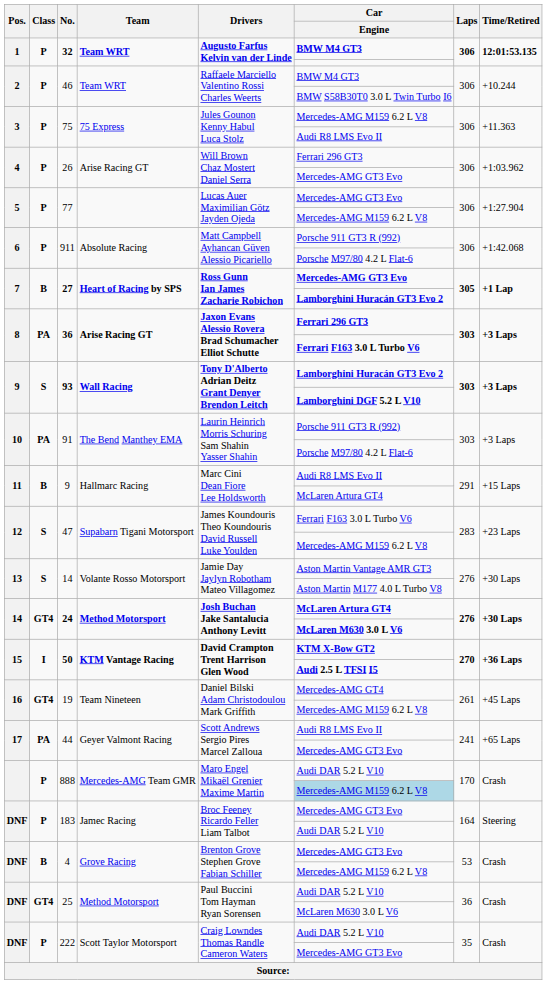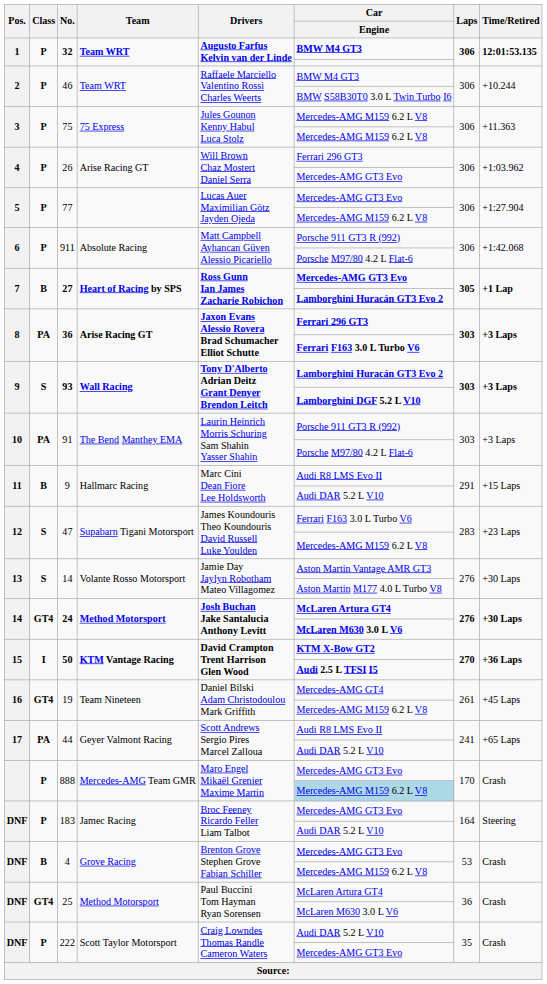 <table class="wikitable" style="font-size: 90%;">
 <tr>
 <th rowspan="2">Pos.</th>
 <th rowspan="2">Class</th>
 <th rowspan="2">No.</th>
 <th rowspan="2">Team</th>
 <th rowspan="2">Drivers</th>
 <th>Car</th>
 <th rowspan="2">Laps</th>
 <th rowspan="2">Time/Retired</th>
 </tr>
 <tr>
 <th>Engine</th>
 </tr>
 <tr>
 <th rowspan="2">1</th>
 <td rowspan="2" align="center"><strong><span>P</span></strong></td>
 <td rowspan="2" align="center"><strong>32</strong></td>
 <td rowspan="2"><strong> <a href='#'>Team WRT</a></strong></td>
 <td rowspan="2"><strong> <a href='#'>Augusto Farfus</a><br> <a href='#'>Kelvin van der Linde</a><br></strong></td>
 <td><strong><a href='#'>BMW M4 GT3</a></strong></td>
 <td rowspan="2" align="center"><strong>306</strong></td>
 <td rowspan="2"><strong>12:01:53.135</strong></td>
 </tr>
 <tr>
 <td><strong></strong></td>
 </tr>
 <tr>
 <th rowspan="2">2</th>
 <td rowspan="2" align="center"><strong><span>P</span></strong></td>
 <td rowspan="2" align="center">46</td>
 <td rowspan="2"> <a href='#'>Team WRT</a></td>
 <td rowspan="2"> <a href='#'>Raffaele Marciello</a><br> <a href='#'>Valentino Rossi</a><br> <a href='#'>Charles Weerts</a></td>
 <td><a href='#'>BMW M4 GT3</a></td>
 <td rowspan="2" align="center">306</td>
 <td rowspan="2">+10.244</td>
 </tr>
 <tr>
 <td><a href='#'>BMW</a> <a href='#'>S58B30T0</a> 3.0 L <a href='#'>Twin Turbo</a> <a href='#'>I6</a></td>
 </tr>
 <tr>
 <th rowspan="2">3</th>
 <td rowspan="2" align="center"><strong><span>P</span></strong></td>
 <td rowspan="2" align="center">75</td>
 <td rowspan="2"> <a href='#'>75 Express</a></td>
 <td rowspan="2"> <a href='#'>Jules Gounon</a><br> <a href='#'>Kenny Habul</a><br> <a href='#'>Luca Stolz</a></td>
 <td><a href='#'>Mercedes-AMG M159</a> 6.2 L <a href='#'>V8</a></td>
 <td rowspan="2" align="center">306</td>
 <td rowspan="2">+11.363</td>
 </tr>
 <tr>
-<td><a href='#'>Audi R8 LMS Evo II</a></td>
+<td><a href='#'>Mercedes-AMG M159</a> 6.2 L <a href='#'>V8</a></td>
 </tr>
 <tr>
 <th rowspan="2">4</th>
 <td rowspan="2" align="center"><strong><span>P</span></strong></td>
 <td rowspan="2" align="center">26</td>
 <td rowspan="2"> Arise Racing GT</td>
 <td rowspan="2"> <a href='#'>Will Brown</a><br> <a href='#'>Chaz Mostert</a><br> <a href='#'>Daniel Serra</a></td>
 <td><a href='#'>Ferrari 296 GT3</a></td>
 <td rowspan="2" align="center">306</td>
 <td rowspan="2">+1:03.962</td>
 </tr>
 <tr>
 <td><a href='#'>Mercedes-AMG GT3 Evo</a></td>
 </tr>
 <tr>
 <th rowspan="2">5</th>
 <td rowspan="2" align="center"><strong><span>P</span></strong></td>
 <td rowspan="2" align="center">77</td>
 <td rowspan="2"></td>
 <td rowspan="2"> <a href='#'>Lucas Auer</a><br> <a href='#'>Maximilian Götz</a><br> <a href='#'>Jayden Ojeda</a></td>
 <td><a href='#'>Mercedes-AMG GT3 Evo</a></td>
 <td rowspan="2" align="center">306</td>
 <td rowspan="2">+1:27.904</td>
 </tr>
 <tr>
 <td><a href='#'>Mercedes-AMG M159</a> 6.2 L <a href='#'>V8</a></td>
 </tr>
 <tr>
 <th rowspan="2">6</th>
 <td rowspan="2" align="center"><strong><span>P</span></strong></td>
 <td rowspan="2" align="center">911</td>
 <td rowspan="2"> Absolute Racing</td>
 <td rowspan="2"> <a href='#'>Matt Campbell</a><br> <a href='#'>Ayhancan Güven</a><br> <a href='#'>Alessio Picariello</a></td>
 <td><a href='#'>Porsche 911 GT3 R (992)</a></td>
 <td rowspan="2" align="center">306</td>
 <td rowspan="2">+1:42.068</td>
 </tr>
 <tr>
 <td><a href='#'>Porsche</a> <a href='#'>M97/80</a> 4.2 L <a href='#'>Flat-6</a></td>
 </tr>
 <tr>
 <th rowspan="2">7</th>
 <td rowspan="2" align="center"><strong><span>B</span></strong></td>
 <td rowspan="2" align="center"><strong>27</strong></td>
 <td rowspan="2"><strong> <a href='#'>Heart of Racing</a> by SPS</strong></td>
 <td rowspan="2"><strong> <a href='#'>Ross Gunn</a><br> <a href='#'>Ian James</a><br> <a href='#'>Zacharie Robichon</a></strong></td>
 <td><strong> <a href='#'>Mercedes-AMG GT3 Evo</a></strong></td>
 <td rowspan="2" align="center"><strong>305</strong></td>
 <td rowspan="2"><strong>+1 Lap</strong></td>
 </tr>
 <tr>
 <td><strong><a href='#'>Lamborghini Huracán GT3 Evo 2</a></strong></td>
 </tr>
 <tr>
 <th rowspan="2">8</th>
 <td rowspan="2" align="center"><strong><span>PA</span></strong></td>
 <td rowspan="2" align="center"><strong>36</strong></td>
 <td rowspan="2"><strong> Arise Racing GT</strong></td>
 <td rowspan="2"><strong> <a href='#'>Jaxon Evans</a><br> <a href='#'>Alessio Rovera</a><br> Brad Schumacher<br> Elliot Schutte</strong></td>
 <td><strong><a href='#'>Ferrari 296 GT3</a></strong></td>
 <td rowspan="2" align="center"><strong>303</strong></td>
 <td rowspan="2"><strong>+3 Laps</strong></td>
 </tr>
 <tr>
 <td><strong><a href='#'>Ferrari</a> <a href='#'>F163</a> 3.0 L Turbo <a href='#'>V6</a></strong></td>
 </tr>
 <tr>
 <th rowspan="2">9</th>
 <td rowspan="2" align="center"><strong><span>S</span></strong></td>
 <td rowspan="2" align="center"><strong>93</strong></td>
 <td rowspan="2"><strong> <a href='#'>Wall Racing</a></strong></td>
 <td rowspan="2"><strong> <a href='#'>Tony D'Alberto</a><br> Adrian Deitz<br> <a href='#'>Grant Denyer</a><br> <a href='#'>Brendon Leitch</a></strong></td>
 <td><strong><a href='#'>Lamborghini Huracán GT3 Evo 2</a></strong></td>
 <td rowspan="2" align="center"><strong>303</strong></td>
 <td rowspan="2"><strong>+3 Laps</strong></td>
 </tr>
 <tr>
 <td><strong><a href='#'>Lamborghini DGF</a> 5.2 L <a href='#'>V10</a></strong></td>
 </tr>
 <tr>
 <th rowspan="2">10</th>
 <td rowspan="2" align="center"><strong><span>PA</span></strong></td>
 <td rowspan="2" align="center">91</td>
 <td rowspan="2"> <a href='#'>The Bend</a> <a href='#'>Manthey EMA</a></td>
 <td rowspan="2"> <a href='#'>Laurin Heinrich</a><br> <a href='#'>Morris Schuring</a><br> Sam Shahin<br> <a href='#'>Yasser Shahin</a></td>
 <td><a href='#'>Porsche 911 GT3 R (992)</a></td>
 <td rowspan="2" align="center">303</td>
 <td rowspan="2">+3 Laps</td>
 </tr>
 <tr>
 <td><a href='#'>Porsche</a> <a href='#'>M97/80</a> 4.2 L <a href='#'>Flat-6</a></td>
 </tr>
 <tr>
 <th rowspan="2">11</th>
 <td rowspan="2" align="center"><strong><span>B</span></strong></td>
 <td rowspan="2" align="center">9</td>
 <td rowspan="2"> Hallmarc Racing</td>
 <td rowspan="2"> Marc Cini<br> <a href='#'>Dean Fiore</a><br> <a href='#'>Lee Holdsworth</a></td>
 <td><a href='#'>Audi R8 LMS Evo II</a></td>
 <td rowspan="2" align="center">291</td>
 <td rowspan="2">+15 Laps</td>
 </tr>
 <tr>
-<td><a href='#'>McLaren Artura GT4</a></td>
+<td><a href='#'>Audi DAR</a> 5.2 L <a href='#'>V10</a></td>
 </tr>
 <tr>
 <th rowspan="2">12</th>
 <td rowspan="2" align="center"><strong><span>S</span></strong></td>
 <td rowspan="2" align="center">47</td>
 <td rowspan="2"> <a href='#'>Supabarn</a> Tigani Motorsport</td>
 <td rowspan="2"> James Koundouris<br> Theo Koundouris<br> <a href='#'>David Russell</a><br> <a href='#'>Luke Youlden</a></td>
 <td><a href='#'>Ferrari</a> <a href='#'>F163</a> 3.0 L Turbo <a href='#'>V6</a></td>
 <td rowspan="2" align="center">283</td>
 <td rowspan="2">+23 Laps</td>
 </tr>
 <tr>
 <td><a href='#'>Mercedes-AMG M159</a> 6.2 L <a href='#'>V8</a></td>
 </tr>
 <tr>
 <th rowspan="2">13</th>
 <td rowspan="2" align="center"><strong><span>S</span></strong></td>
 <td rowspan="2" align="center">14</td>
 <td rowspan="2"> Volante Rosso Motorsport</td>
 <td rowspan="2"> Jamie Day<br> <a href='#'>Jaylyn Robotham</a><br> Mateo Villagomez</td>
 <td><a href='#'>Aston Martin Vantage AMR GT3</a></td>
 <td rowspan="2" align="center">276</td>
 <td rowspan="2">+30 Laps</td>
 </tr>
 <tr>
 <td><a href='#'>Aston Martin</a> <a href='#'>M177</a> 4.0 L Turbo <a href='#'>V8</a></td>
 </tr>
 <tr>
 <th rowspan="2">14</th>
 <td rowspan="2" align="center"><strong><span>GT4</span></strong></td>
 <td rowspan="2" align="center"><strong>24</strong></td>
 <td rowspan="2"><strong> <a href='#'>Method Motorsport</a></strong></td>
 <td rowspan="2"><strong> <a href='#'>Josh Buchan</a><br> Jake Santalucia<br> Anthony Levitt</strong></td>
 <td><strong><a href='#'>McLaren Artura GT4</a></strong></td>
 <td rowspan="2" align="center"><strong>276</strong></td>
 <td rowspan="2"><strong>+30 Laps</strong></td>
 </tr>
 <tr>
 <td><strong><a href='#'>McLaren M630</a> 3.0 L <a href='#'>V6</a></strong></td>
 </tr>
 <tr>
 <th rowspan="2">15</th>
 <td rowspan="2" align="center"><strong><span>I</span></strong></td>
 <td rowspan="2" align="center"><strong>50</strong></td>
 <td rowspan="2"><strong> <a href='#'>KTM</a> Vantage Racing</strong></td>
 <td rowspan="2"><strong> David Crampton<br> Trent Harrison<br> Glen Wood</strong></td>
 <td><strong><a href='#'>KTM X-Bow GT2</a></strong></td>
 <td rowspan="2" align="center"><strong>270</strong></td>
 <td rowspan="2"><strong>+36 Laps</strong></td>
 </tr>
 <tr>
 <td><strong><a href='#'>Audi</a> 2.5 L <a href='#'>TFSI</a> <a href='#'>I5</a></strong></td>
 </tr>
 <tr>
 <th rowspan="2">16</th>
 <td rowspan="2" align="center"><strong><span>GT4</span></strong></td>
 <td rowspan="2" align="center">19</td>
 <td rowspan="2"> Team Nineteen</td>
 <td rowspan="2"> Daniel Bilski<br> <a href='#'>Adam Christodoulou</a><br> Mark Griffith</td>
 <td><a href='#'>Mercedes-AMG GT4</a></td>
 <td rowspan="2" align="center">261</td>
 <td rowspan="2">+45 Laps</td>
 </tr>
 <tr>
 <td><a href='#'>Mercedes-AMG M159</a> 6.2 L <a href='#'>V8</a></td>
 </tr>
 <tr>
 <th rowspan="2">17</th>
 <td rowspan="2" align="center"><strong><span>PA</span></strong></td>
 <td rowspan="2" align="center">44</td>
 <td rowspan="2"> Geyer Valmont Racing</td>
 <td rowspan="2"> <a href='#'>Scott Andrews</a><br> Sergio Pires<br> Marcel Zalloua</td>
 <td><a href='#'>Audi R8 LMS Evo II</a></td>
 <td rowspan="2" align="center">241</td>
 <td rowspan="2">+65 Laps</td>
 </tr>
 <tr>
-<td><a href='#'>Mercedes-AMG GT3 Evo</a></td>
+<td><a href='#'>Audi DAR</a> 5.2 L <a href='#'>V10</a></td>
 </tr>
 <tr>
 <th rowspan="2"></th>
 <td rowspan="2" align="center"><strong><span>P</span></strong></td>
 <td rowspan="2" align="center">888</td>
 <td rowspan="2"> <a href='#'>Mercedes-AMG</a> Team GMR</td>
 <td rowspan="2"> <a href='#'>Maro Engel</a><br> <a href='#'>Mikaël Grenier</a><br> <a href='#'>Maxime Martin</a></td>
-<td><a href='#'>Audi DAR</a> 5.2 L <a href='#'>V10</a></td>
+<td><a href='#'>Mercedes-AMG GT3 Evo</a></td>
 <td rowspan="2" align="center">170</td>
 <td rowspan="2">Crash</td>
 </tr>
 <tr>
 <td style="background: lightblue;"><a href='#'>Mercedes-AMG M159</a> 6.2 L <a href='#'>V8</a></td>
 </tr>
 <tr>
 <th rowspan="2">DNF</th>
 <td rowspan="2" align="center"><strong><span>P</span></strong></td>
 <td rowspan="2" align="center">183</td>
 <td rowspan="2"> Jamec Racing</td>
 <td rowspan="2"> <a href='#'>Broc Feeney</a><br> <a href='#'>Ricardo Feller</a><br> Liam Talbot</td>
 <td><a href='#'>Mercedes-AMG GT3 Evo</a></td>
 <td rowspan="2" align="center">164</td>
 <td rowspan="2">Steering</td>
 </tr>
 <tr>
 <td><a href='#'>Audi DAR</a> 5.2 L <a href='#'>V10</a></td>
 </tr>
 <tr>
 <th rowspan="2">DNF</th>
 <td rowspan="2" align="center"><strong><span>B</span></strong></td>
 <td rowspan="2" align="center">4</td>
 <td rowspan="2"> <a href='#'>Grove Racing</a></td>
 <td rowspan="2"> <a href='#'>Brenton Grove</a><br> Stephen Grove<br> <a href='#'>Fabian Schiller</a></td>
 <td><a href='#'>Mercedes-AMG GT3 Evo</a></td>
 <td rowspan="2" align="center">53</td>
 <td rowspan="2">Crash</td>
 </tr>
 <tr>
 <td><a href='#'>Mercedes-AMG M159</a> 6.2 L <a href='#'>V8</a></td>
 </tr>
 <tr>
 <th rowspan="2">DNF</th>
 <td rowspan="2" align="center"><strong><span>GT4</span></strong></td>
 <td rowspan="2" align="center">25</td>
 <td rowspan="2"> <a href='#'>Method Motorsport</a></td>
 <td rowspan="2"> Paul Buccini<br> Tom Hayman<br> Ryan Sorensen</td>
-<td><a href='#'>Audi DAR</a> 5.2 L <a href='#'>V10</a></td>
+<td><a href='#'>McLaren Artura GT4</a></td>
 <td rowspan="2" align="center">36</td>
 <td rowspan="2">Crash</td>
 </tr>
 <tr>
 <td><a href='#'>McLaren M630</a> 3.0 L <a href='#'>V6</a></td>
 </tr>
 <tr>
 <th rowspan="2">DNF</th>
 <td rowspan="2" align="center"><strong><span>P</span></strong></td>
 <td rowspan="2" align="center">222</td>
 <td rowspan="2"> Scott Taylor Motorsport</td>
 <td rowspan="2"> <a href='#'>Craig Lowndes</a><br> <a href='#'>Thomas Randle</a><br> <a href='#'>Cameron Waters</a></td>
 <td><a href='#'>Audi DAR</a> 5.2 L <a href='#'>V10</a></td>
 <td rowspan="2" align="center">35</td>
 <td rowspan="2">Crash</td>
 </tr>
 <tr>
 <td><a href='#'>Mercedes-AMG GT3 Evo</a></td>
 </tr>
 <tr>
 <th colspan="8">Source:</th>
 </tr>
 </table>
